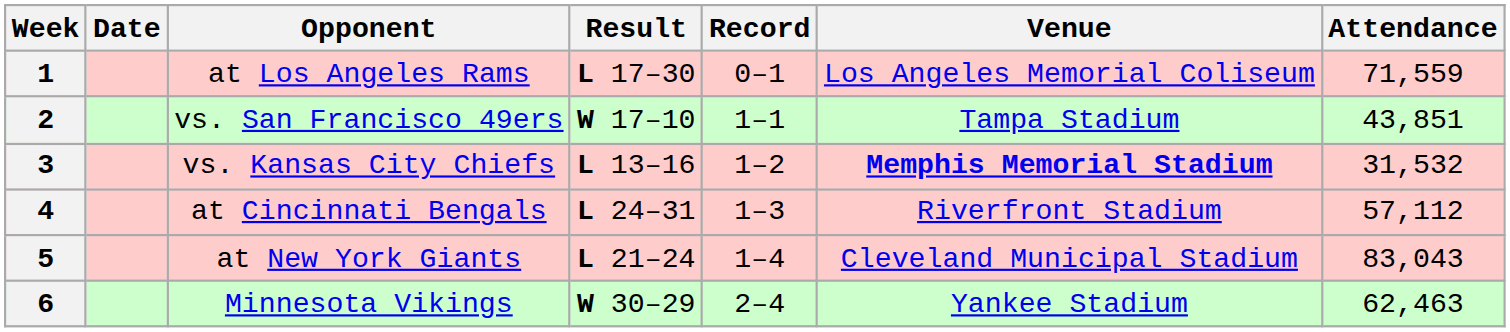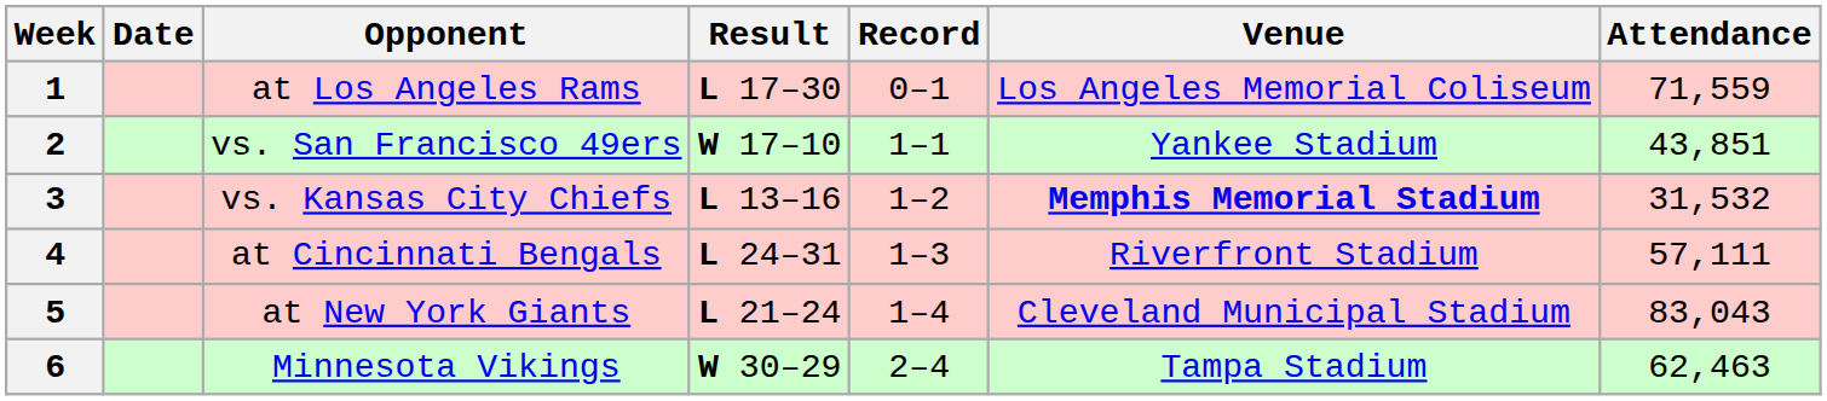 <table class="wikitable" style="text-align:center">
 <tr>
 <th>Week</th>
 <th>Date</th>
 <th>Opponent</th>
 <th>Result</th>
 <th>Record</th>
 <th>Venue</th>
 <th>Attendance</th>
 </tr>
 <tr style="background:#fcc">
 <th>1</th>
 <td></td>
 <td>at <a href='#'>Los Angeles Rams</a></td>
 <td><strong>L</strong> 17–30</td>
 <td>0–1</td>
 <td><a href='#'>Los Angeles Memorial Coliseum</a></td>
 <td>71,559</td>
 </tr>
 <tr style="background:#cfc">
 <th>2</th>
 <td></td>
 <td>vs. <a href='#'>San Francisco 49ers</a></td>
 <td><strong>W</strong> 17–10</td>
 <td>1–1</td>
-<td><a href='#'>Tampa Stadium</a></td>
+<td><a href='#'>Yankee Stadium</a></td>
 <td>43,851</td>
 </tr>
 <tr style="background:#fcc">
 <th>3</th>
 <td></td>
 <td>vs. <a href='#'>Kansas City Chiefs</a></td>
 <td><strong>L</strong> 13–16</td>
 <td>1–2</td>
 <td><strong><a href='#'>Memphis Memorial Stadium</a></strong></td>
 <td>31,532</td>
 </tr>
 <tr style="background:#fcc">
 <th>4</th>
 <td></td>
 <td>at <a href='#'>Cincinnati Bengals</a></td>
 <td><strong>L</strong> 24–31</td>
 <td>1–3</td>
 <td><a href='#'>Riverfront Stadium</a></td>
-<td>57,112</td>
+<td>57,111</td>
 </tr>
 <tr style="background:#fcc">
 <th>5</th>
 <td></td>
 <td>at <a href='#'>New York Giants</a></td>
 <td><strong>L</strong> 21–24</td>
 <td>1–4</td>
 <td><a href='#'>Cleveland Municipal Stadium</a></td>
 <td>83,043</td>
 </tr>
 <tr style="background:#cfc">
 <th>6</th>
 <td></td>
 <td><a href='#'>Minnesota Vikings</a></td>
 <td><strong>W</strong> 30–29</td>
 <td>2–4</td>
-<td><a href='#'>Yankee Stadium</a></td>
+<td><a href='#'>Tampa Stadium</a></td>
 <td>62,463</td>
 </tr>
 </table>
